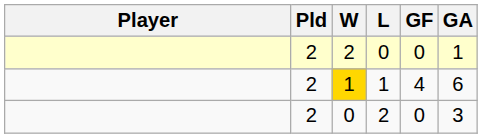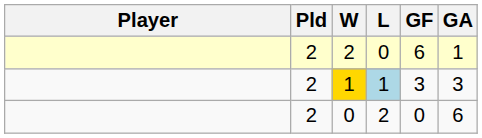 <table class=wikitable style="text-align:center">
 <tr>
 <th width=220>Player</th>
 <th width=20>Pld</th>
 <th width=20>W</th>
 <th width=20>L</th>
 <th width=20>GF</th>
 <th width=20>GA</th>
 </tr>
 <tr bgcolor=#ffffcc>
 <td align=left></td>
 <td>2</td>
 <td>2</td>
 <td>0</td>
-<td>0</td>
+<td>6</td>
 <td>1</td>
 </tr>
 <tr>
 <td align=left></td>
 <td>2</td>
 <td style="background: gold;">1</td>
-<td>1</td>
-<td>4</td>
-<td>6</td>
+<td style="background: lightblue;">1</td>
+<td>3</td>
+<td>3</td>
 </tr>
 <tr>
 <td align=left></td>
 <td>2</td>
 <td>0</td>
 <td>2</td>
 <td>0</td>
-<td>3</td>
+<td>6</td>
 </tr>
 </table>
